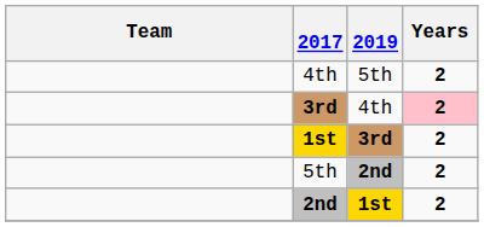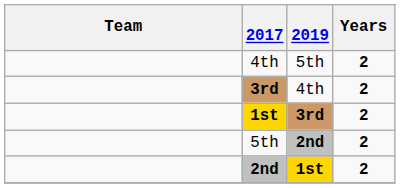 <table class="wikitable" style="text-align:center; font-size:90%">
 <tr>
 <th width=170>Team</th>
 <th width=25><br><a href='#'>2017</a></th>
 <th width=25><br><a href='#'>2019</a></th>
 <th width=40>Years</th>
 </tr>
 <tr>
 <td align=left></td>
 <td>4th</td>
 <td>5th</td>
 <td><strong>2</strong></td>
 </tr>
 <tr>
 <td align=left></td>
 <td bgcolor=cc9966><strong>3rd</strong></td>
 <td>4th</td>
-<td style="background: pink;"><strong>2</strong></td>
+<td><strong>2</strong></td>
 </tr>
 <tr>
 <td align=left></td>
 <td bgcolor=gold><strong>1st</strong></td>
 <td bgcolor=cc9966><strong>3rd</strong></td>
 <td><strong>2</strong></td>
 </tr>
 <tr>
 <td align=left></td>
 <td>5th</td>
 <td bgcolor=silver><strong>2nd</strong></td>
 <td><strong>2</strong></td>
 </tr>
 <tr>
 <td align=left></td>
 <td bgcolor=silver><strong>2nd</strong></td>
 <td bgcolor=gold><strong>1st</strong></td>
 <td><strong>2</strong></td>
 </tr>
 <tr>
 </tr>
 </table>
